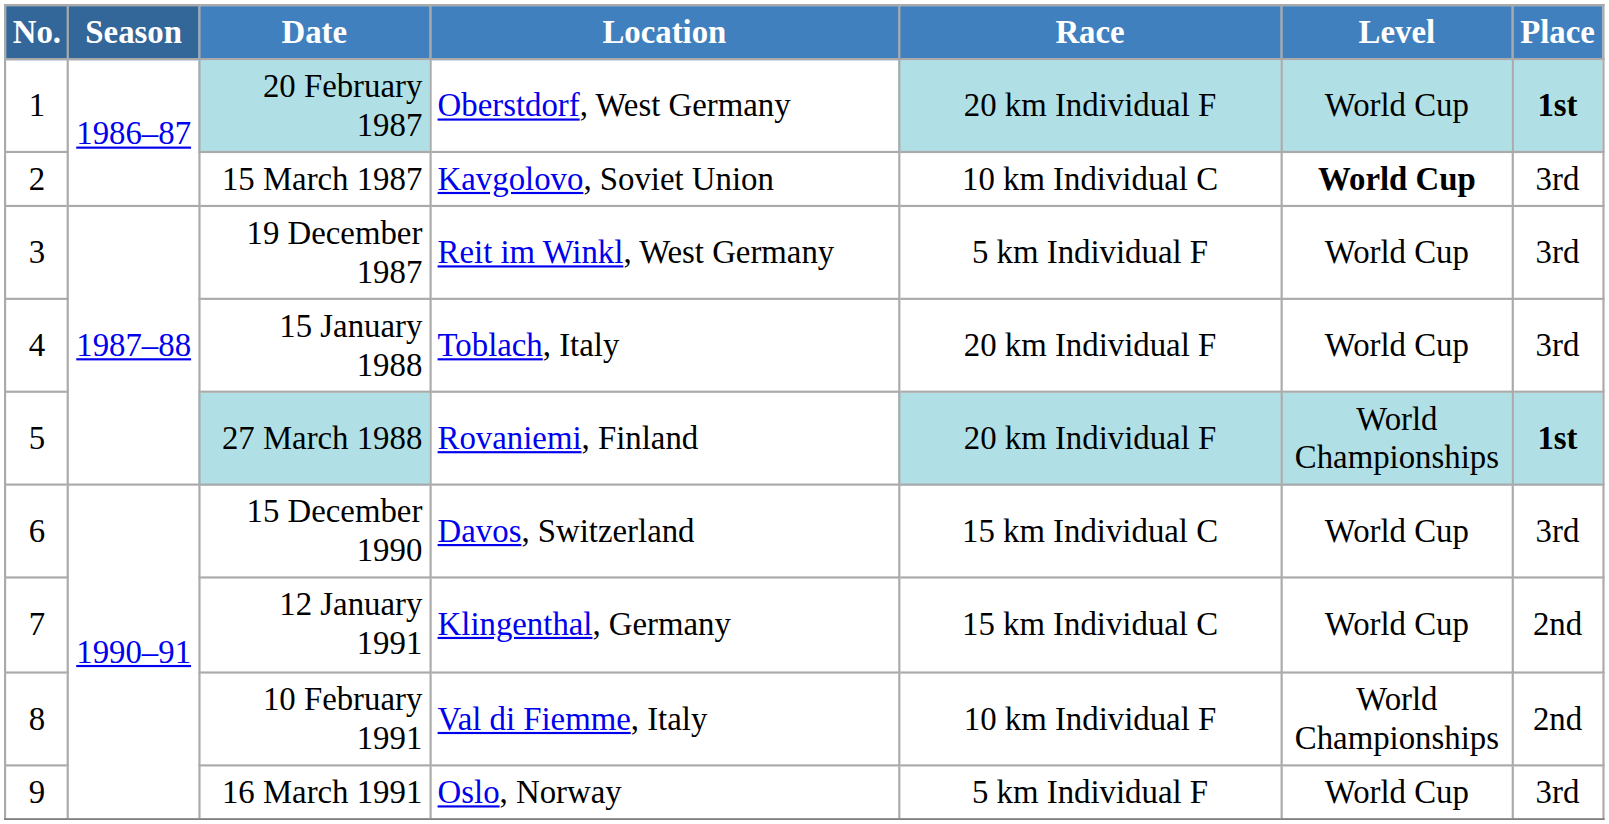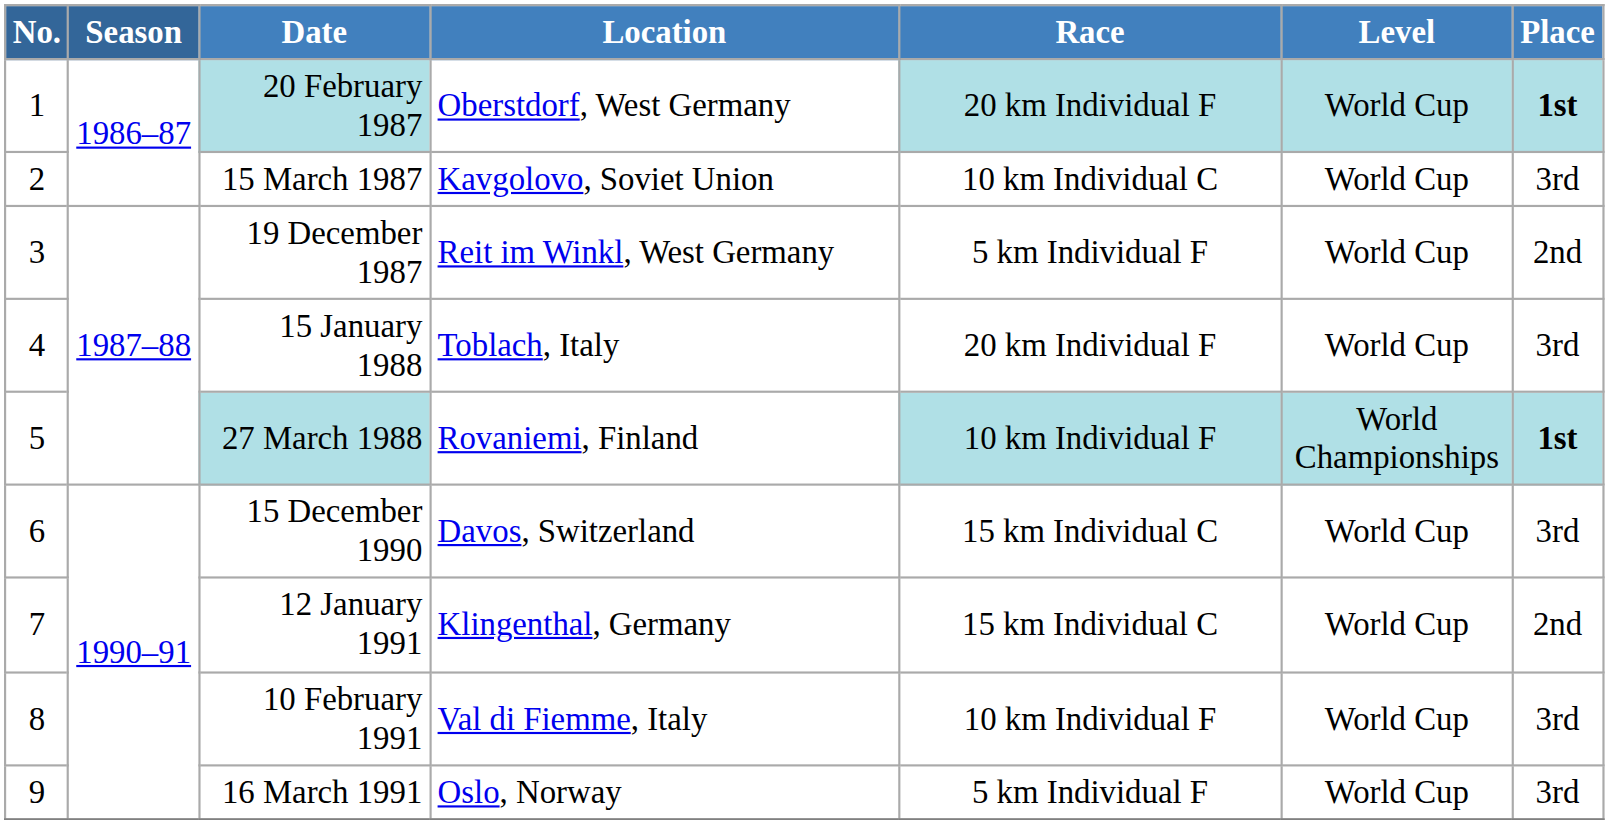 <table class="wikitable sortable" style="font-size:95%; text-align:center; border:grey solid 1px; border-collapse:collapse; background:#ffffff;">
 <tr style="background:#efefef;">
 <th style="background-color:#369; color:white;">No.</th>
 <th style="background-color:#369; color:white;">Season</th>
 <th style="background-color:#4180be; color:white; width:100px;">Date</th>
 <th style="background-color:#4180be; color:white; width:210px;">Location</th>
 <th style="background-color:#4180be; color:white; width:170px;">Race</th>
 <th style="background-color:#4180be; color:white; width:100px;">Level</th>
 <th style="background-color:#4180be; color:white;">Place</th>
 </tr>
 <tr>
 <td align=center>1</td>
 <td rowspan=2 align=center><a href='#'>1986–87</a></td>
 <td bgcolor="#BOEOE6" align=right>20 February 1987</td>
 <td align=left> <a href='#'>Oberstdorf</a>, West Germany</td>
 <td bgcolor="#BOEOE6">20 km Individual F</td>
 <td bgcolor="#BOEOE6">World Cup</td>
 <td bgcolor="#BOEOE6"><strong>1st</strong></td>
 </tr>
 <tr>
 <td align=center>2</td>
 <td align=right>15 March 1987</td>
 <td align=left> <a href='#'>Kavgolovo</a>, Soviet Union</td>
 <td>10 km Individual C</td>
-<td><strong>World Cup</strong></td>
+<td>World Cup</td>
 <td>3rd</td>
 </tr>
 <tr>
 <td align=center>3</td>
 <td rowspan=3 align=center><a href='#'>1987–88</a></td>
 <td align=right>19 December 1987</td>
 <td align=left> <a href='#'>Reit im Winkl</a>, West Germany</td>
 <td>5 km Individual F</td>
 <td>World Cup</td>
-<td>3rd</td>
+<td>2nd</td>
 </tr>
 <tr>
 <td align=center>4</td>
 <td align=right>15 January 1988</td>
 <td align=left> <a href='#'>Toblach</a>, Italy</td>
 <td>20 km Individual F</td>
 <td>World Cup</td>
 <td>3rd</td>
 </tr>
 <tr>
 <td align=center>5</td>
 <td bgcolor="#BOEOE6" align=right>27 March 1988</td>
 <td align=left> <a href='#'>Rovaniemi</a>, Finland</td>
-<td bgcolor="#BOEOE6">20 km Individual F</td>
+<td bgcolor="#BOEOE6">10 km Individual F</td>
 <td bgcolor="#BOEOE6">World Championships</td>
 <td bgcolor="#BOEOE6"><strong>1st</strong></td>
 </tr>
 <tr>
 <td align=center>6</td>
 <td rowspan=4 align=center><a href='#'>1990–91</a></td>
 <td align=right>15 December 1990</td>
 <td align=left> <a href='#'>Davos</a>, Switzerland</td>
 <td>15 km Individual C</td>
 <td>World Cup</td>
 <td>3rd</td>
 </tr>
 <tr>
 <td align=center>7</td>
 <td align=right>12 January 1991</td>
 <td align=left> <a href='#'>Klingenthal</a>, Germany</td>
 <td>15 km Individual C</td>
 <td>World Cup</td>
 <td>2nd</td>
 </tr>
 <tr>
 <td align=center>8</td>
 <td align=right>10 February 1991</td>
 <td align=left> <a href='#'>Val di Fiemme</a>, Italy</td>
 <td>10 km Individual F</td>
-<td>World Championships</td>
-<td>2nd</td>
+<td>World Cup</td>
+<td>3rd</td>
 </tr>
 <tr>
 <td align=center>9</td>
 <td align=right>16 March 1991</td>
 <td align=left> <a href='#'>Oslo</a>, Norway</td>
 <td>5 km Individual F</td>
 <td>World Cup</td>
 <td>3rd</td>
 </tr>
 <tr>
 </tr>
 </table>
